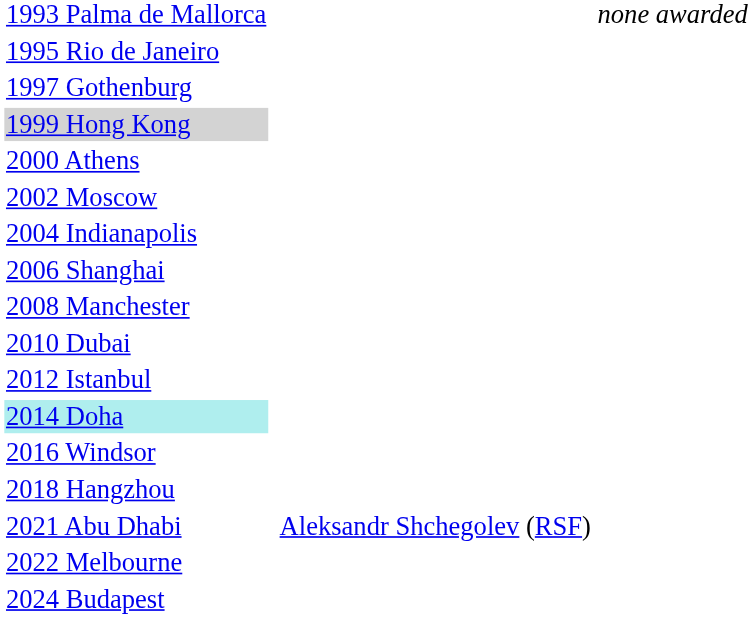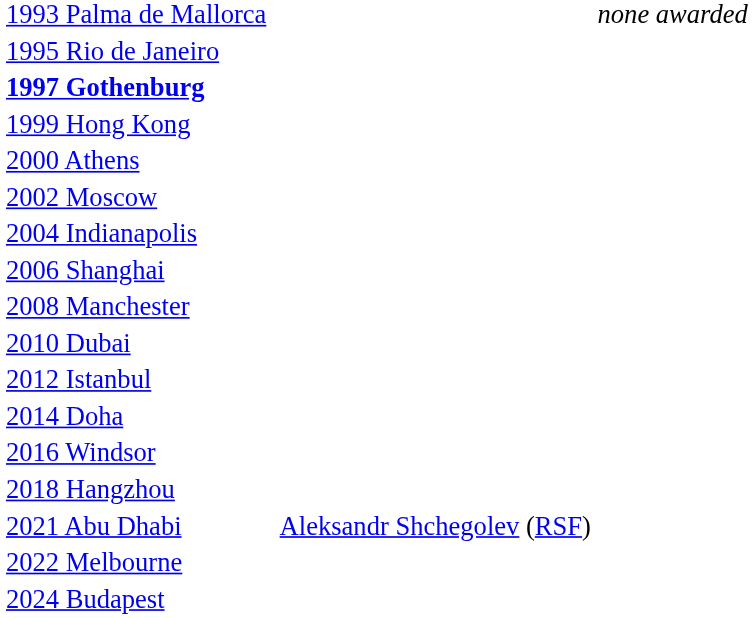 <table>
 <tr>
 <td rowspan=2><a href='#'>1993 Palma de Mallorca</a></td>
 <td rowspan=2></td>
 <td></td>
 <td rowspan=2><em>none awarded</em></td>
 </tr>
 <tr>
 <td></td>
 </tr>
 <tr>
 <td><a href='#'>1995 Rio de Janeiro</a></td>
 <td></td>
 <td></td>
 <td></td>
 </tr>
 <tr>
-<td><a href='#'>1997 Gothenburg</a></td>
+<td><strong><a href='#'>1997 Gothenburg</a></strong></td>
 <td></td>
 <td></td>
 <td></td>
 </tr>
 <tr>
-<td style="background: lightgrey;"><a href='#'>1999 Hong Kong</a></td>
+<td><a href='#'>1999 Hong Kong</a></td>
 <td></td>
 <td></td>
 <td></td>
 </tr>
 <tr>
 <td><a href='#'>2000 Athens</a></td>
 <td></td>
 <td></td>
 <td></td>
 </tr>
 <tr>
 <td><a href='#'>2002 Moscow</a></td>
 <td></td>
 <td></td>
 <td></td>
 </tr>
 <tr>
 <td><a href='#'>2004 Indianapolis</a></td>
 <td></td>
 <td></td>
 <td></td>
 </tr>
 <tr>
 <td><a href='#'>2006 Shanghai</a></td>
 <td></td>
 <td></td>
 <td></td>
 </tr>
 <tr>
 <td><a href='#'>2008 Manchester</a></td>
 <td></td>
 <td></td>
 <td></td>
 </tr>
 <tr>
 <td><a href='#'>2010 Dubai</a></td>
 <td></td>
 <td></td>
 <td></td>
 </tr>
 <tr>
 <td><a href='#'>2012 Istanbul</a></td>
 <td></td>
 <td></td>
 <td></td>
 </tr>
 <tr>
-<td style="background: paleturquoise;"><a href='#'>2014 Doha</a></td>
+<td><a href='#'>2014 Doha</a></td>
 <td></td>
 <td></td>
 <td></td>
 </tr>
 <tr>
 <td><a href='#'>2016 Windsor</a></td>
 <td></td>
 <td></td>
 <td></td>
 </tr>
 <tr>
 <td><a href='#'>2018 Hangzhou</a></td>
 <td></td>
 <td></td>
 <td></td>
 </tr>
 <tr>
 <td><a href='#'>2021 Abu Dhabi</a></td>
 <td></td>
 <td><a href='#'>Aleksandr Shchegolev</a> (<a href='#'>RSF</a>)</td>
 <td></td>
 </tr>
 <tr>
 <td><a href='#'>2022 Melbourne</a></td>
 <td></td>
 <td></td>
 <td></td>
 </tr>
 <tr>
 <td><a href='#'>2024 Budapest</a></td>
 <td></td>
 <td></td>
 <td></td>
 </tr>
 </table>
